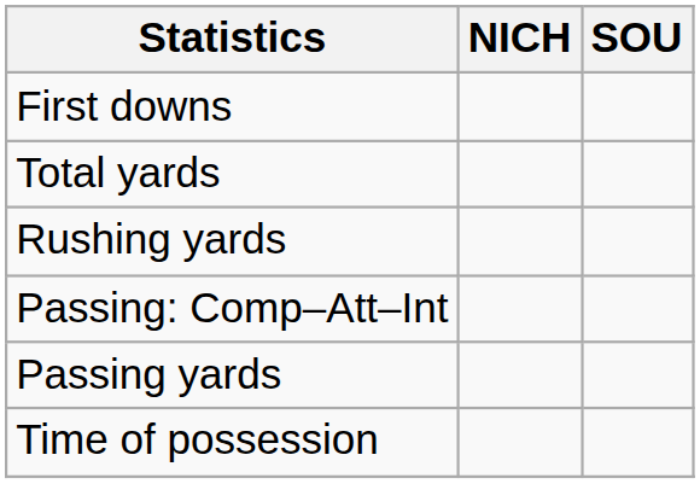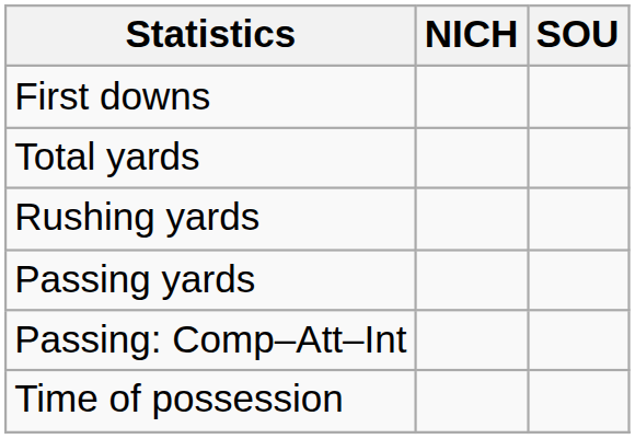 <table class="wikitable" style="float: left;">
 <tr>
 <th>Statistics</th>
 <th>NICH</th>
 <th>SOU</th>
 </tr>
 <tr>
 <td>First downs</td>
 <td></td>
 <td></td>
 </tr>
 <tr>
 <td>Total yards</td>
 <td></td>
 <td></td>
 </tr>
 <tr>
 <td>Rushing yards</td>
 <td></td>
 <td></td>
 </tr>
 <tr>
-<td>Passing: Comp–Att–Int</td>
+<td>Passing yards</td>
 <td></td>
 <td></td>
 </tr>
 <tr>
-<td>Passing yards</td>
+<td>Passing: Comp–Att–Int</td>
 <td></td>
 <td></td>
 </tr>
 <tr>
 <td>Time of possession</td>
 <td></td>
 <td></td>
 </tr>
 <tr>
 </tr>
 </table>
